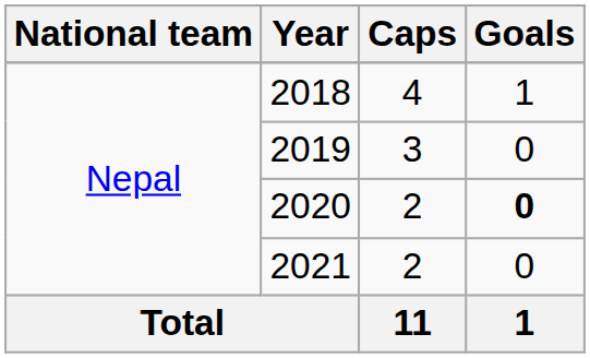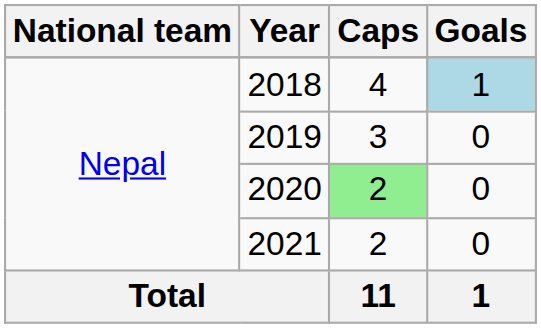 <table class="wikitable" style="text-align:center">
 <tr>
 <th>National team</th>
 <th>Year</th>
 <th>Caps</th>
 <th>Goals</th>
 </tr>
 <tr>
 </tr>
 <tr>
 <td rowspan="4"><a href='#'>Nepal</a></td>
 <td>2018</td>
 <td>4</td>
-<td>1</td>
+<td style="background: lightblue;">1</td>
 </tr>
 <tr>
 <td>2019</td>
 <td>3</td>
 <td>0</td>
 </tr>
 <tr>
 <td>2020</td>
-<td>2</td>
-<td><strong>0</strong></td>
+<td style="background: lightgreen;">2</td>
+<td>0</td>
 </tr>
 <tr>
 <td>2021</td>
 <td>2</td>
 <td>0</td>
 </tr>
 <tr>
 <th colspan="2">Total</th>
 <th>11</th>
 <th>1</th>
 </tr>
 </table>
